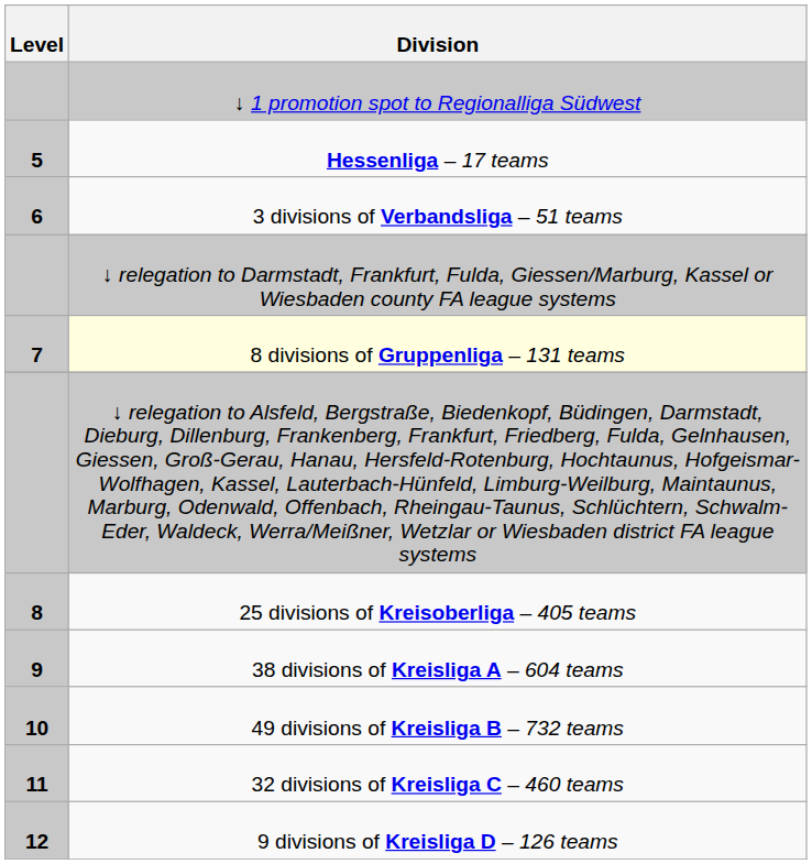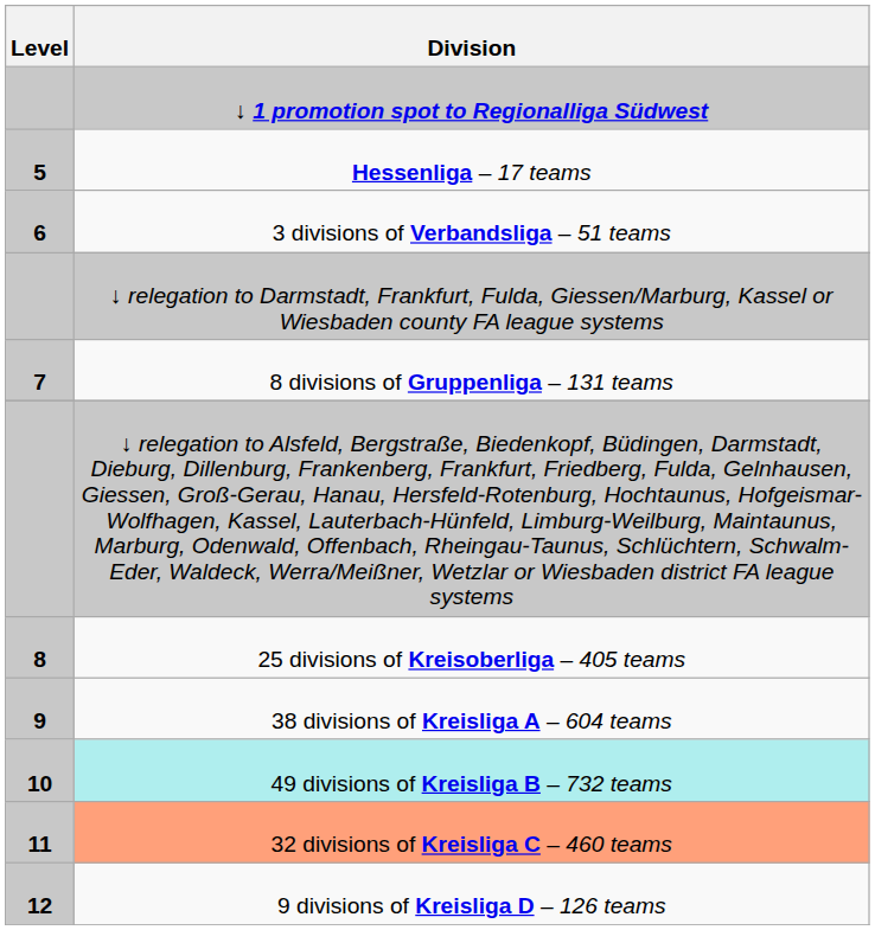 <table class="wikitable" style="text-align:center">
 <tr>
 <th colspan="1" width="4%"><br>Level</th>
 <th colspan="1"><br>Division</th>
 </tr>
 <tr style="background:#c8c8c8">
 <td colspan="1"></td>
-<td colspan="1"><br><em>↓ <a href='#'>1 promotion spot to Regionalliga Südwest</a></em></td>
+<td colspan="1"><strong><br><em>↓ <a href='#'>1 promotion spot to Regionalliga Südwest</a></em></strong></td>
 </tr>
 <tr>
 <td colspan="1" style="background:#c8c8c8"><br><strong>5</strong></td>
 <td colspan="1"><br><strong><a href='#'>Hessenliga</a></strong> – <em>17 teams</em></td>
 </tr>
 <tr>
 <td colspan="1" style="background:#c8c8c8"><br><strong>6</strong></td>
 <td colspan="1"><br>3 divisions of <strong><a href='#'>Verbandsliga</a></strong> – <em>51 teams</em></td>
 </tr>
 <tr>
 </tr>
 <tr style="background:#c8c8c8">
 <td colspan="1"></td>
 <td colspan="1"><br><em>↓ relegation to Darmstadt, Frankfurt, Fulda, Giessen/Marburg, Kassel or Wiesbaden county FA league systems</em></td>
 </tr>
 <tr>
 <td colspan="1" style="background:#c8c8c8"><br><strong>7</strong></td>
-<td colspan="1" style="background: lightyellow;"><br>8 divisions of <strong><a href='#'>Gruppenliga</a></strong> – <em>131 teams</em></td>
+<td colspan="1"><br>8 divisions of <strong><a href='#'>Gruppenliga</a></strong> – <em>131 teams</em></td>
 </tr>
 <tr>
 </tr>
 <tr style="background:#c8c8c8">
 <td colspan="1"></td>
 <td colspan="1"><br><em>↓ relegation to Alsfeld, Bergstraße, Biedenkopf, Büdingen, Darmstadt, Dieburg, Dillenburg, Frankenberg, Frankfurt, Friedberg, Fulda, Gelnhausen, Giessen, Groß-Gerau, Hanau, Hersfeld-Rotenburg, Hochtaunus, Hofgeismar-Wolfhagen, Kassel, Lauterbach-Hünfeld, Limburg-Weilburg, Maintaunus, Marburg, Odenwald, Offenbach, Rheingau-Taunus, Schlüchtern, Schwalm-Eder, Waldeck, Werra/Meißner, Wetzlar or Wiesbaden district FA league systems</em></td>
 </tr>
 <tr>
 <td colspan="1" style="background:#c8c8c8"><br><strong>8</strong></td>
 <td colspan="1"><br>25 divisions of <strong><a href='#'>Kreisoberliga</a></strong> – <em>405 teams</em></td>
 </tr>
 <tr>
 <td colspan="1" style="background:#c8c8c8"><br><strong>9</strong></td>
 <td colspan="1"><br>38 divisions of <strong><a href='#'>Kreisliga A</a></strong> – <em>604 teams</em></td>
 </tr>
 <tr>
 <td colspan="1" style="background:#c8c8c8"><br><strong>10</strong></td>
-<td colspan="1"><br>49 divisions of <strong><a href='#'>Kreisliga B</a></strong> – <em>732 teams</em></td>
+<td colspan="1" style="background: paleturquoise;"><br>49 divisions of <strong><a href='#'>Kreisliga B</a></strong> – <em>732 teams</em></td>
 </tr>
 <tr>
 <td colspan="1" style="background:#c8c8c8"><br><strong>11</strong></td>
-<td colspan="1"><br>32 divisions of <strong><a href='#'>Kreisliga C</a></strong> – <em>460 teams</em></td>
+<td colspan="1" style="background: lightsalmon;"><br>32 divisions of <strong><a href='#'>Kreisliga C</a></strong> – <em>460 teams</em></td>
 </tr>
 <tr>
 <td colspan="1" style="background:#c8c8c8"><br><strong>12</strong></td>
 <td colspan="1"><br>9 divisions of <strong><a href='#'>Kreisliga D</a></strong> – <em>126 teams</em></td>
 </tr>
 <tr>
 </tr>
 </table>
